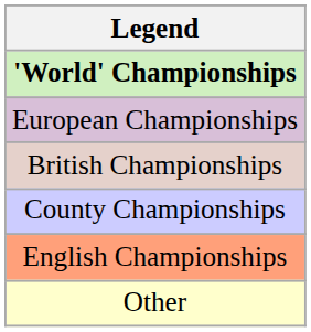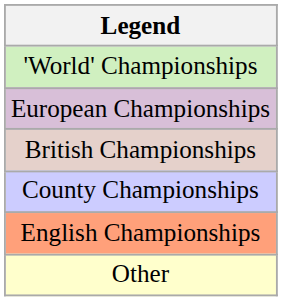 <table class="wikitable collapsible collapsed" style="font-size:85%; text-align: center;">
 <tr>
 <th><strong>Legend</strong></th>
 </tr>
 <tr style="background:#d0f0c0;">
-<td><strong>'World' Championships</strong></td>
+<td>'World' Championships</td>
 </tr>
 <tr style="background:thistle;">
 <td>European Championships</td>
 </tr>
 <tr style="background:#e5d1cb;">
 <td>British Championships</td>
 </tr>
 <tr style="background:#ccf;">
 <td>County Championships</td>
 </tr>
 <tr style="background:#ffa07a;">
 <td>English Championships</td>
 </tr>
 <tr style="background:#ffc;">
 <td>Other</td>
 </tr>
 </table>
